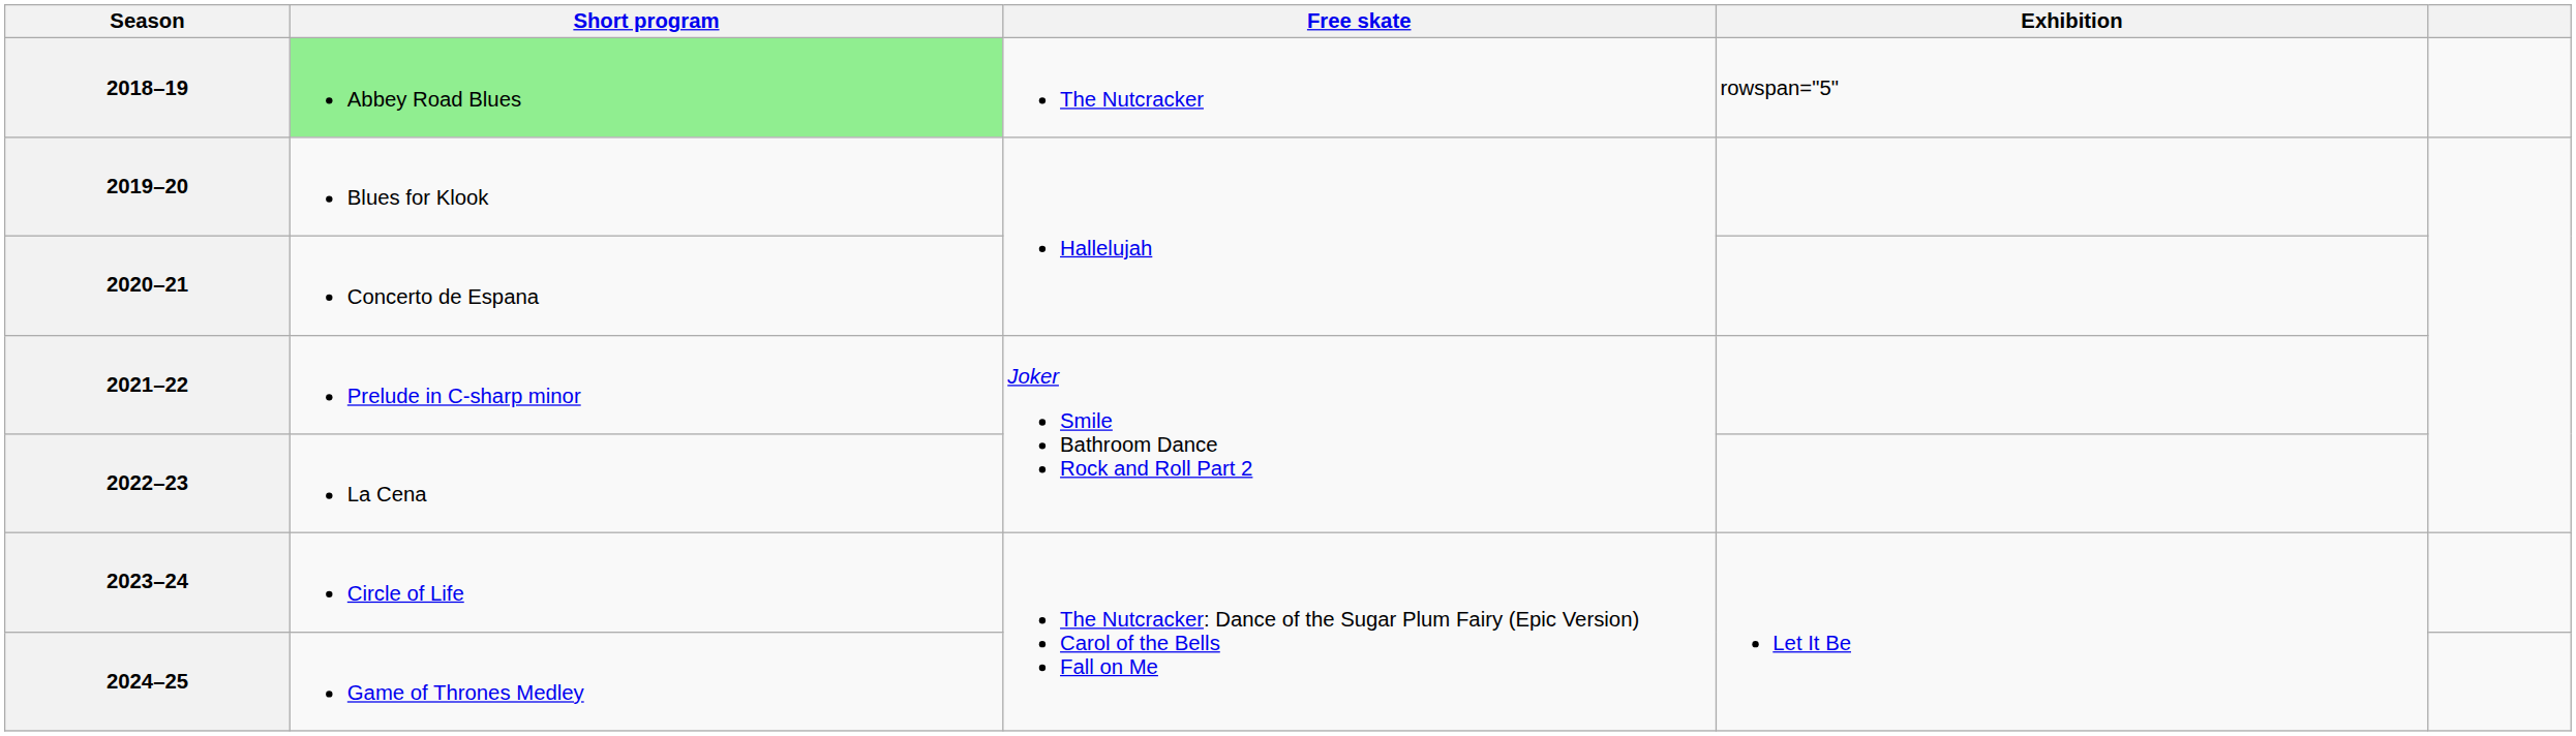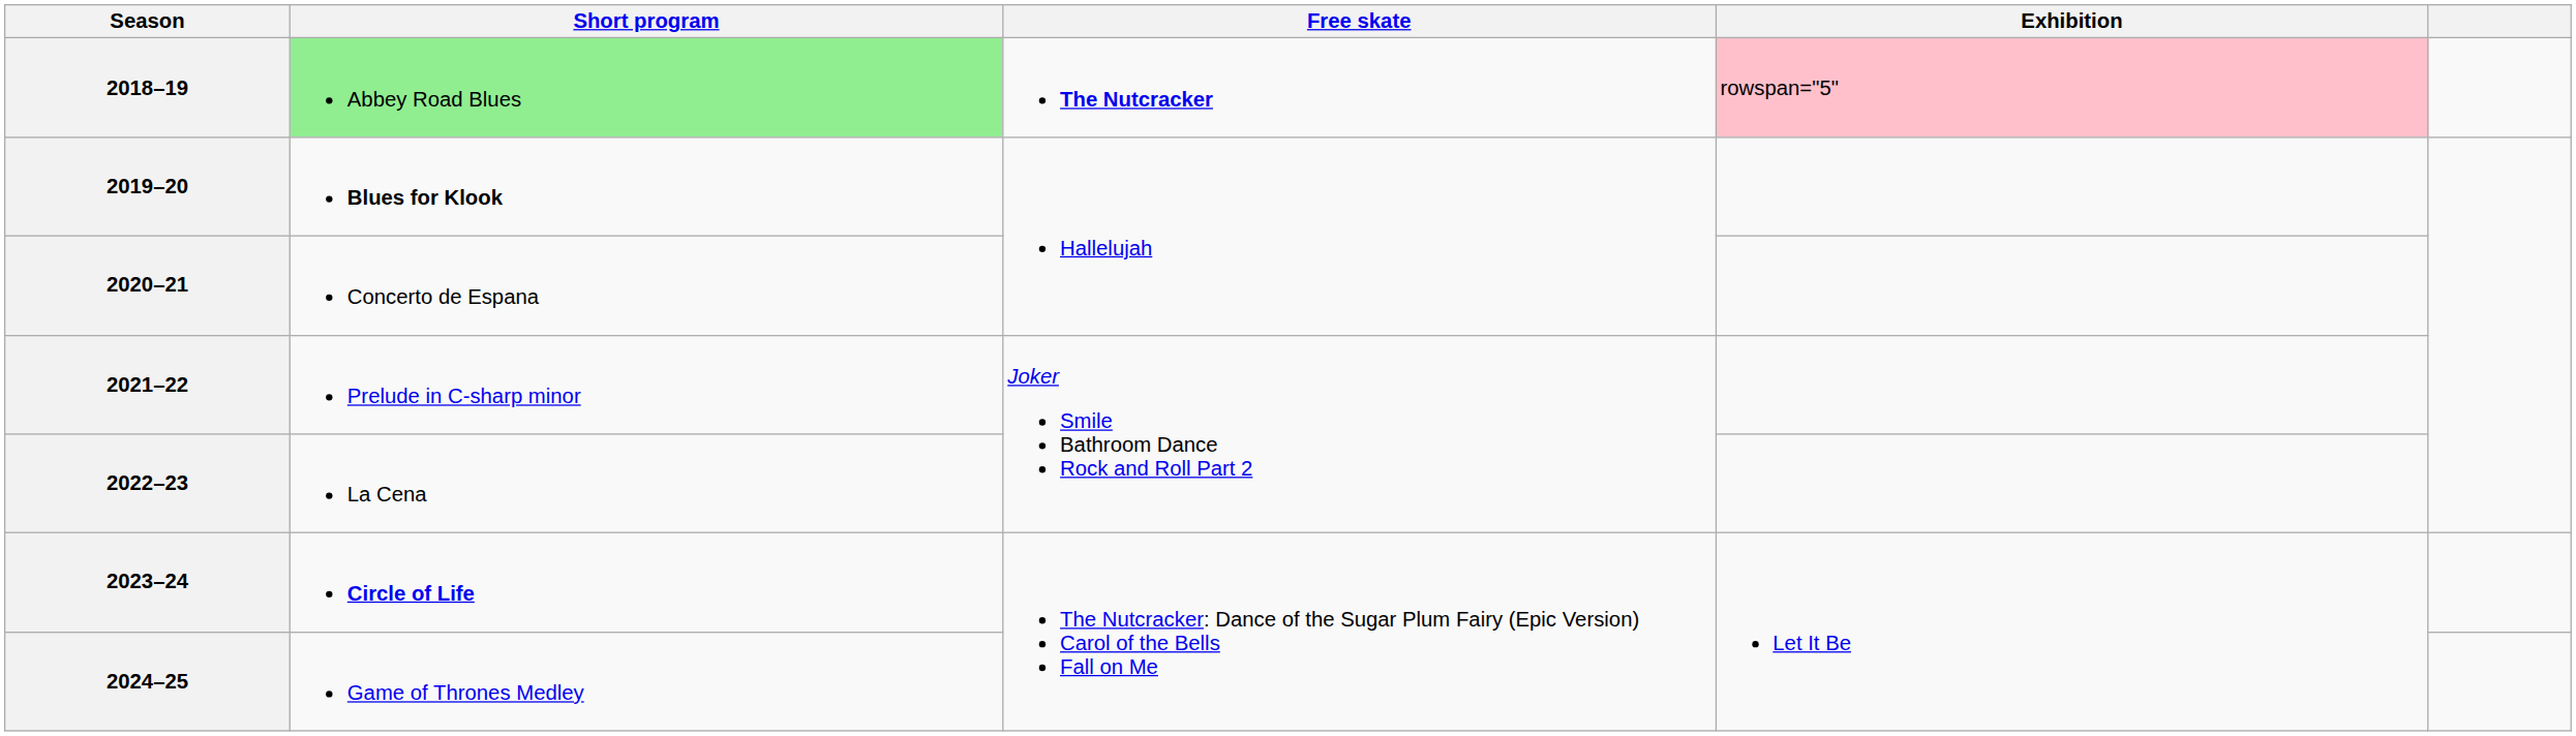 <table class="wikitable unsortable" style="text-align:left">
 <tr>
 <th scope="col" style="text-align:center; width:10%">Season</th>
 <th scope="col" style="text-align:center; width:25%"><a href='#'>Short program</a></th>
 <th scope="col" style="text-align:center; width:25%"><a href='#'>Free skate</a></th>
 <th scope="col" style="text-align:center; width:25%">Exhibition</th>
 <th scope="col" style="text-align:center; width:5%"></th>
 </tr>
 <tr>
 <th scope="row">2018–19 <br></th>
 <td style="background: lightgreen;"><br><ul><li>Abbey Road Blues <br> </li></ul></td>
-<td><br><ul><li><a href='#'>The Nutcracker</a> <br> </li></ul></td>
-<td>rowspan="5" </td>
+<td><strong><br><ul><li><a href='#'>The Nutcracker</a> <br> </li></ul></strong></td>
+<td style="background: pink;">rowspan="5" </td>
 <td></td>
 </tr>
 <tr>
 <th scope="row">2019–20 <br></th>
-<td><br><ul><li>Blues for Klook <br> </li></ul></td>
+<td><strong><br><ul><li>Blues for Klook <br> </li></ul></strong></td>
 <td rowspan="2"><br><ul><li><a href='#'>Hallelujah</a> <br> </li></ul></td>
 <td></td>
 </tr>
 <tr>
 <th scope="row">2020–21 <br></th>
 <td><br><ul><li>Concerto de Espana <br> </li></ul></td>
 <td></td>
 </tr>
 <tr>
 <th scope="row">2021–22 <br></th>
 <td><br><ul><li><a href='#'>Prelude in C-sharp minor</a> <br> </li></ul></td>
 <td rowspan="2"><em><a href='#'>Joker</a></em><br><ul><li><a href='#'>Smile</a> <br> </li><li>Bathroom Dance <br> </li><li><a href='#'>Rock and Roll Part 2</a> <br> </li></ul></td>
 <td></td>
 </tr>
 <tr>
 <th scope="row">2022–23 <br></th>
 <td><br><ul><li>La Cena <br> </li></ul></td>
 <td></td>
 </tr>
 <tr>
 <th scope="row">2023–24 <br></th>
-<td><br><ul><li><a href='#'>Circle of Life</a><br> </li></ul></td>
+<td><strong><br><ul><li><a href='#'>Circle of Life</a><br> </li></ul></strong></td>
 <td rowspan=2><br><ul><li><a href='#'>The Nutcracker</a>: Dance of the Sugar Plum Fairy (Epic Version) <br> </li><li><a href='#'>Carol of the Bells</a> <br> </li><li><a href='#'>Fall on Me</a> <br> </li></ul></td>
 <td rowspan=2><br><ul><li><a href='#'>Let It Be</a> <br></li></ul></td>
 <td></td>
 </tr>
 <tr>
 <th scope="row">2024–25 <br></th>
 <td><br><ul><li><a href='#'>Game of Thrones Medley</a><br> </li></ul></td>
 <td></td>
 </tr>
 </table>
